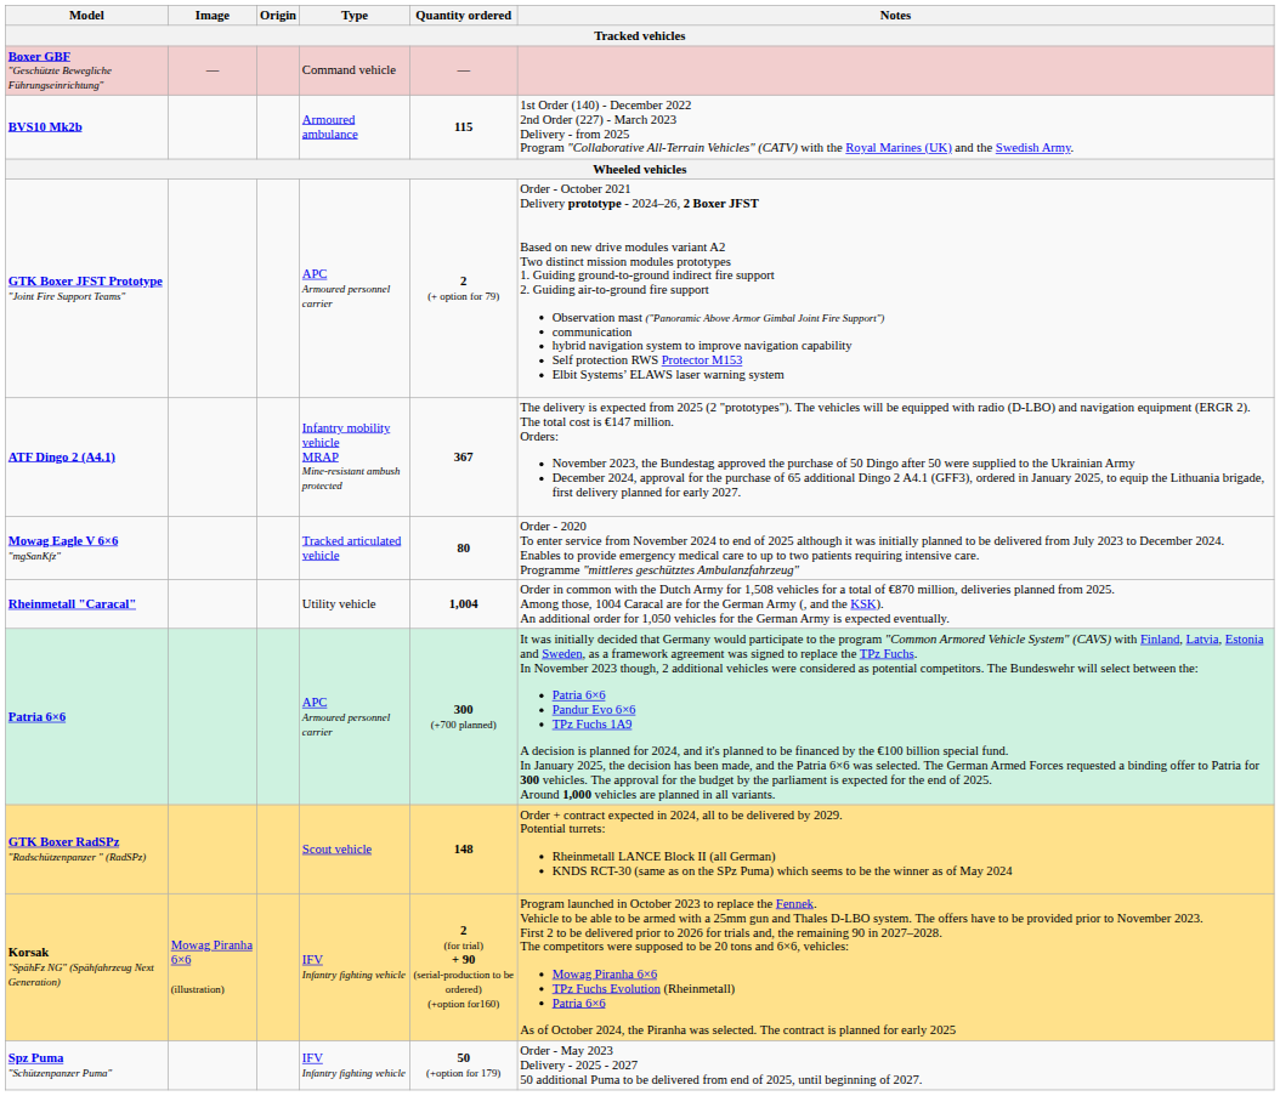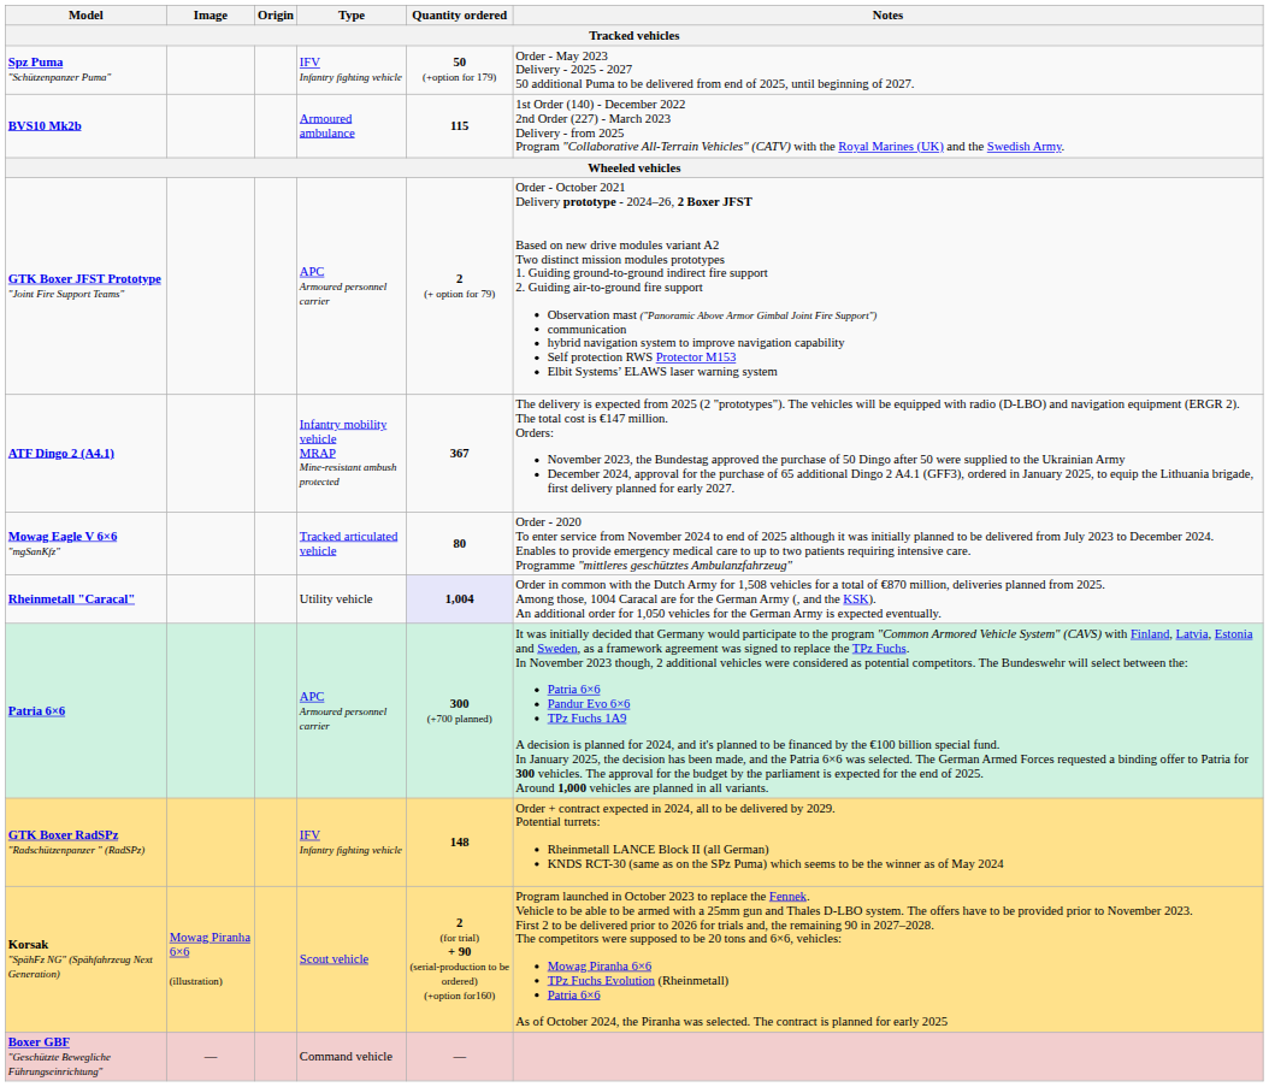 <table class="wikitable" style="width:100%;">
 <tr>
 <th>Model</th>
 <th>Image</th>
 <th>Origin</th>
 <th>Type</th>
 <th>Quantity ordered</th>
 <th>Notes</th>
 </tr>
 <tr>
 <th colspan="6">Tracked vehicles</th>
 </tr>
 <tr>
-<td style="background: #F2CECE;"><a href='#'><strong>Boxer GBF</strong></a><br><em><small>"Geschützte Bewegliche Führungseinrichtung"</small></em></td>
-<td style="background: #F2CECE;text-align: center">—</td>
-<td style="background: #F2CECE;"><small></small></td>
-<td style="background: #F2CECE;">Command vehicle</td>
-<td style="background: #F2CECE;text-align: center">—</td>
-<td style="background: #F2CECE;"></td>
+<td><a href='#'><strong>Spz Puma</strong></a><br><em><small>"Schützenpanzer Puma"</small></em></td>
+<td></td>
+<td><small></small></td>
+<td><a href='#'>IFV</a><br><em><small>Infantry fighting vehicle</small></em></td>
+<td style="text-align: center;"><strong>50</strong><br><small>(+option for 179)</small></td>
+<td>Order - May 2023<br>Delivery - 2025 - 2027<br>50 additional Puma to be delivered from end of 2025, until beginning of 2027.</td>
 </tr>
 <tr>
 <td><a href='#'><strong>BVS10 Mk2b</strong></a></td>
 <td></td>
 <td><small></small><br><small></small></td>
 <td><a href='#'>Armoured</a> <a href='#'>ambulance</a></td>
 <td style="text-align: center"><strong>115</strong></td>
 <td>1st Order (140) - December 2022<br>2nd Order (227) - March 2023<br>Delivery - from 2025<br>Program <em>"Collaborative All-Terrain Vehicles" (CATV)</em> with the <a href='#'>Royal Marines (UK)</a> and the <a href='#'>Swedish Army</a>.</td>
 </tr>
 <tr>
 <th colspan="6">Wheeled vehicles</th>
 </tr>
 <tr>
 <td><a href='#'><strong>GTK Boxer JFST Prototype</strong></a><br><em><small>"Joint Fire Support Teams"</small></em></td>
 <td></td>
 <td><small></small><br><small></small></td>
 <td><a href='#'>APC</a><br><small><em>Armoured personnel carrier</em></small></td>
 <td style="text-align: center;"><strong>2</strong><br><small>(+ option for 79)</small></td>
 <td>Order - October 2021<br>Delivery <strong>prototype</strong> - 2024–26, <strong>2 Boxer JFST</strong><br><br><br>Based on new drive modules variant A2<br>Two distinct mission modules prototypes<br>1. Guiding ground-to-ground indirect fire support<br>2. Guiding air-to-ground fire support<ul><li>Observation mast  <em><small>("Panoramic Above Armor Gimbal Joint Fire Support")</small></em></li><li>communication</li><li>hybrid navigation system to improve navigation capability</li><li>Self protection RWS <a href='#'>Protector M153</a></li><li>Elbit Systems’ ELAWS laser warning system</li></ul></td>
 </tr>
 <tr>
 <td><strong><a href='#'>ATF Dingo 2 (A4.1)</a></strong></td>
 <td style="text-align: center"></td>
 <td></td>
 <td><a href='#'>Infantry mobility vehicle</a><br><a href='#'>MRAP</a><br><em><small>Mine-resistant ambush protected</small></em></td>
 <td style="text-align: center;"><strong>367</strong></td>
 <td>The delivery is expected from 2025 (2 "prototypes"). The vehicles will be equipped with radio (D-LBO) and navigation equipment (ERGR 2). The total cost is €147 million.<br>Orders:<ul><li>November 2023, the Bundestag approved the purchase of 50 Dingo after 50 were supplied to the Ukrainian Army</li><li>December 2024, approval for the purchase of 65 additional Dingo 2 A4.1 (GFF3), ordered in January 2025, to equip the Lithuania brigade, first delivery planned for early 2027.</li></ul></td>
 </tr>
 <tr>
 <td><a href='#'><strong>Mowag Eagle V 6×6</strong></a><br><em><small>"mgSanKfz"</small></em></td>
 <td style="text-align: center;"></td>
 <td><small></small><br><small></small></td>
 <td><a href='#'>Tracked articulated vehicle</a></td>
 <td style="text-align: center;"><strong>80</strong></td>
 <td>Order - 2020<br>To enter service from November 2024 to end of 2025 although it was initially planned to be delivered from July 2023 to December 2024.<br>Enables to provide emergency medical care to up to two patients requiring intensive care.<br>Programme <em>"mittleres geschütztes Ambulanzfahrzeug"</em></td>
 </tr>
 <tr>
 <td><strong><a href='#'>Rheinmetall "Caracal"</a></strong></td>
 <td></td>
 <td><small></small><br><small></small> <small></small></td>
 <td>Utility vehicle</td>
-<td style="text-align: center;"><strong>1,004</strong></td>
+<td style="background: lavender; text-align: center;"><strong>1,004</strong></td>
 <td>Order in common with the Dutch Army for 1,508 vehicles for a total of €870 million, deliveries planned from 2025.<br>Among those, 1004 Caracal are for the German Army (,  and the <a href='#'>KSK</a>).<br>An additional order for 1,050 vehicles for the German Army is expected eventually.</td>
 </tr>
 <tr>
 <td style="background: #CEF2E0;"><strong><a href='#'>Patria 6×6</a></strong></td>
 <td style="background: #CEF2E0;"></td>
 <td style="background: #CEF2E0;"><small></small><br><small></small></td>
 <td style="background: #CEF2E0;"><a href='#'>APC</a><br><small><em>Armoured personnel carrier</em></small></td>
 <td style="background: #CEF2E0;text-align: center"><strong>300</strong><br><small>(+700 planned)</small></td>
 <td style="background: #CEF2E0;">It was initially decided that Germany would participate to the program <em>"Common Armored Vehicle System" (CAVS)</em> with <a href='#'>Finland</a>, <a href='#'>Latvia</a>, <a href='#'>Estonia</a> and <a href='#'>Sweden</a>, as a framework agreement was signed to replace the <a href='#'>TPz Fuchs</a>.<br>In November 2023 though, 2 additional vehicles were considered as potential competitors. The Bundeswehr will select between the:<ul><li><a href='#'>Patria 6×6</a></li><li><a href='#'>Pandur Evo 6×6</a></li><li><a href='#'>TPz Fuchs 1A9</a></li></ul>A decision is planned for 2024, and it's planned to be financed by the €100 billion special fund.<br>In January 2025, the decision has been made, and the Patria 6×6 was selected. The German Armed Forces requested a binding offer to Patria for <strong>300</strong> vehicles. The approval for the budget by the parliament is expected for the end of 2025.<br>Around <strong>1,000</strong> vehicles are planned in all variants.</td>
 </tr>
 <tr>
 <td style="background: #FFE18B;"><a href='#'><strong>GTK Boxer RadSPz</strong></a><br><small><em>"Radschützenpanzer " (RadSPz)</em></small></td>
 <td style="background: #FFE18B;text-align: center"></td>
 <td style="background: #FFE18B;"><small></small></td>
-<td style="background: #FFE18B;"><a href='#'>Scout vehicle</a></td>
+<td style="background: #FFE18B;"><a href='#'>IFV</a><br><em><small>Infantry fighting vehicle</small></em></td>
 <td style="background: #FFE18B;text-align: center"><strong>148</strong></td>
 <td style="background: #FFE18B;">Order + contract expected in 2024, all to be delivered by 2029.<br>Potential turrets:<ul><li>Rheinmetall LANCE Block II (all German)</li><li>KNDS RCT-30 (same as on the SPz Puma) which seems to be the winner as of May 2024</li></ul></td>
 </tr>
 <tr>
 <td style="background: #FFE18B;"><strong>Korsak</strong><br><em><small>"SpähFz NG" (Spähfahrzeug Next Generation)</small></em></td>
 <td style="background: #FFE18B"><a href='#'>Mowag Piranha 6×6</a><br><br><small>(illustration)</small></td>
 <td style="background: #FFE18B;"><small></small></td>
-<td style="background: #FFE18B;"><a href='#'>IFV</a><br><em><small>Infantry fighting vehicle</small></em></td>
+<td style="background: #FFE18B;"><a href='#'>Scout vehicle</a></td>
 <td style="background: #FFE18B;text-align: center"><strong>2</strong><br><small>(for trial)</small><br><strong>+ 90</strong><br><small>(serial-production to be ordered)</small><br><small>(+option for160)</small></td>
 <td style="background: #FFE18B;">Program launched in October 2023 to replace the <a href='#'>Fennek</a>.<br>Vehicle to be able to be armed with a 25mm gun and Thales D-LBO system. The offers have to be provided prior to November 2023.<br>First 2 to be delivered prior to 2026 for trials and, the remaining 90 in 2027–2028.<br>The competitors were supposed to be 20 tons and 6×6, vehicles:<ul><li><a href='#'>Mowag Piranha 6×6</a></li><li><a href='#'>TPz Fuchs Evolution</a> (Rheinmetall)</li><li><a href='#'>Patria 6×6</a></li></ul>As of October 2024, the Piranha was selected. The contract is planned for early 2025</td>
 </tr>
 <tr>
-<td><a href='#'><strong>Spz Puma</strong></a><br><em><small>"Schützenpanzer Puma"</small></em></td>
-<td></td>
-<td><small></small></td>
-<td><a href='#'>IFV</a><br><em><small>Infantry fighting vehicle</small></em></td>
-<td style="text-align: center;"><strong>50</strong><br><small>(+option for 179)</small></td>
-<td>Order - May 2023<br>Delivery - 2025 - 2027<br>50 additional Puma to be delivered from end of 2025, until beginning of 2027.</td>
+<td style="background: #F2CECE;"><a href='#'><strong>Boxer GBF</strong></a><br><em><small>"Geschützte Bewegliche Führungseinrichtung"</small></em></td>
+<td style="background: #F2CECE;text-align: center">—</td>
+<td style="background: #F2CECE;"><small></small></td>
+<td style="background: #F2CECE;">Command vehicle</td>
+<td style="background: #F2CECE;text-align: center">—</td>
+<td style="background: #F2CECE;"></td>
 </tr>
 </table>
